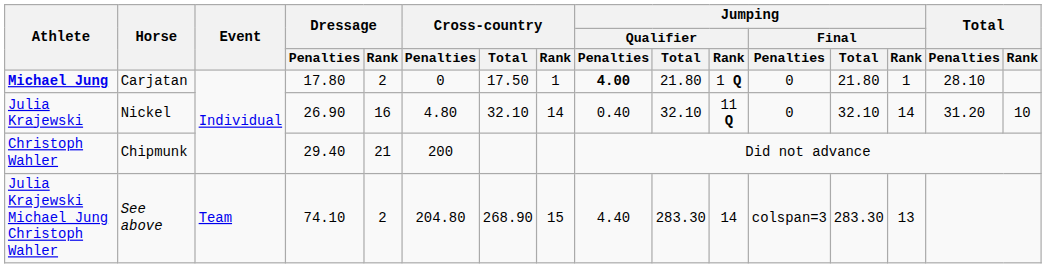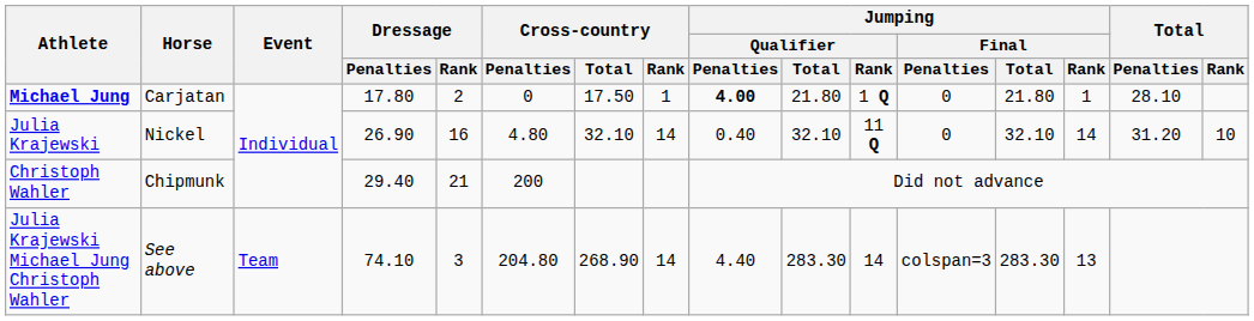 <table class=wikitable style=font-size:90%;text-align:center>
 <tr>
 <th rowspan="3">Athlete</th>
 <th rowspan="3">Horse</th>
 <th rowspan="3">Event</th>
 <th colspan="2" rowspan="2">Dressage</th>
 <th colspan="3" rowspan="2">Cross-country</th>
 <th colspan="6">Jumping</th>
 <th colspan="2" rowspan="2">Total</th>
 </tr>
 <tr style="font-size:95%">
 <th colspan="3">Qualifier</th>
 <th colspan="3">Final</th>
 </tr>
 <tr style="font-size:95%">
 <th>Penalties</th>
 <th>Rank</th>
 <th>Penalties</th>
 <th>Total</th>
 <th>Rank</th>
 <th>Penalties</th>
 <th>Total</th>
 <th>Rank</th>
 <th>Penalties</th>
 <th>Total</th>
 <th>Rank</th>
 <th>Penalties</th>
 <th>Rank</th>
 </tr>
 <tr>
 <td align=left><strong><a href='#'>Michael Jung</a></strong></td>
 <td align=left>Carjatan</td>
 <td rowspan=3 align=left><a href='#'>Individual</a></td>
 <td>17.80</td>
 <td>2</td>
 <td>0</td>
 <td>17.50</td>
 <td>1</td>
 <td><strong>4.00</strong></td>
 <td>21.80</td>
 <td>1 <strong>Q</strong></td>
 <td>0</td>
 <td>21.80</td>
 <td>1</td>
 <td>28.10</td>
 <td></td>
 </tr>
 <tr>
 <td align=left><a href='#'>Julia Krajewski</a></td>
 <td align=left>Nickel</td>
 <td>26.90</td>
 <td>16</td>
 <td>4.80</td>
 <td>32.10</td>
 <td>14</td>
 <td>0.40</td>
 <td>32.10</td>
 <td>11 <strong>Q</strong></td>
 <td>0</td>
 <td>32.10</td>
 <td>14</td>
 <td>31.20</td>
 <td>10</td>
 </tr>
 <tr>
 <td align=left><a href='#'>Christoph Wahler</a></td>
 <td align=left>Chipmunk</td>
 <td>29.40</td>
 <td>21</td>
 <td>200</td>
 <td></td>
 <td></td>
 <td colspan=8>Did not advance</td>
 </tr>
 <tr>
 <td align=left><a href='#'>Julia Krajewski</a><br><a href='#'>Michael Jung</a><br><a href='#'>Christoph Wahler</a></td>
 <td align=left><em>See above</em></td>
 <td align=left><a href='#'>Team</a></td>
 <td>74.10</td>
-<td>2</td>
+<td>3</td>
 <td>204.80</td>
 <td>268.90</td>
-<td>15</td>
+<td>14</td>
 <td>4.40</td>
 <td>283.30</td>
 <td>14</td>
 <td>colspan=3 </td>
 <td>283.30</td>
 <td>13</td>
 </tr>
 </table>
